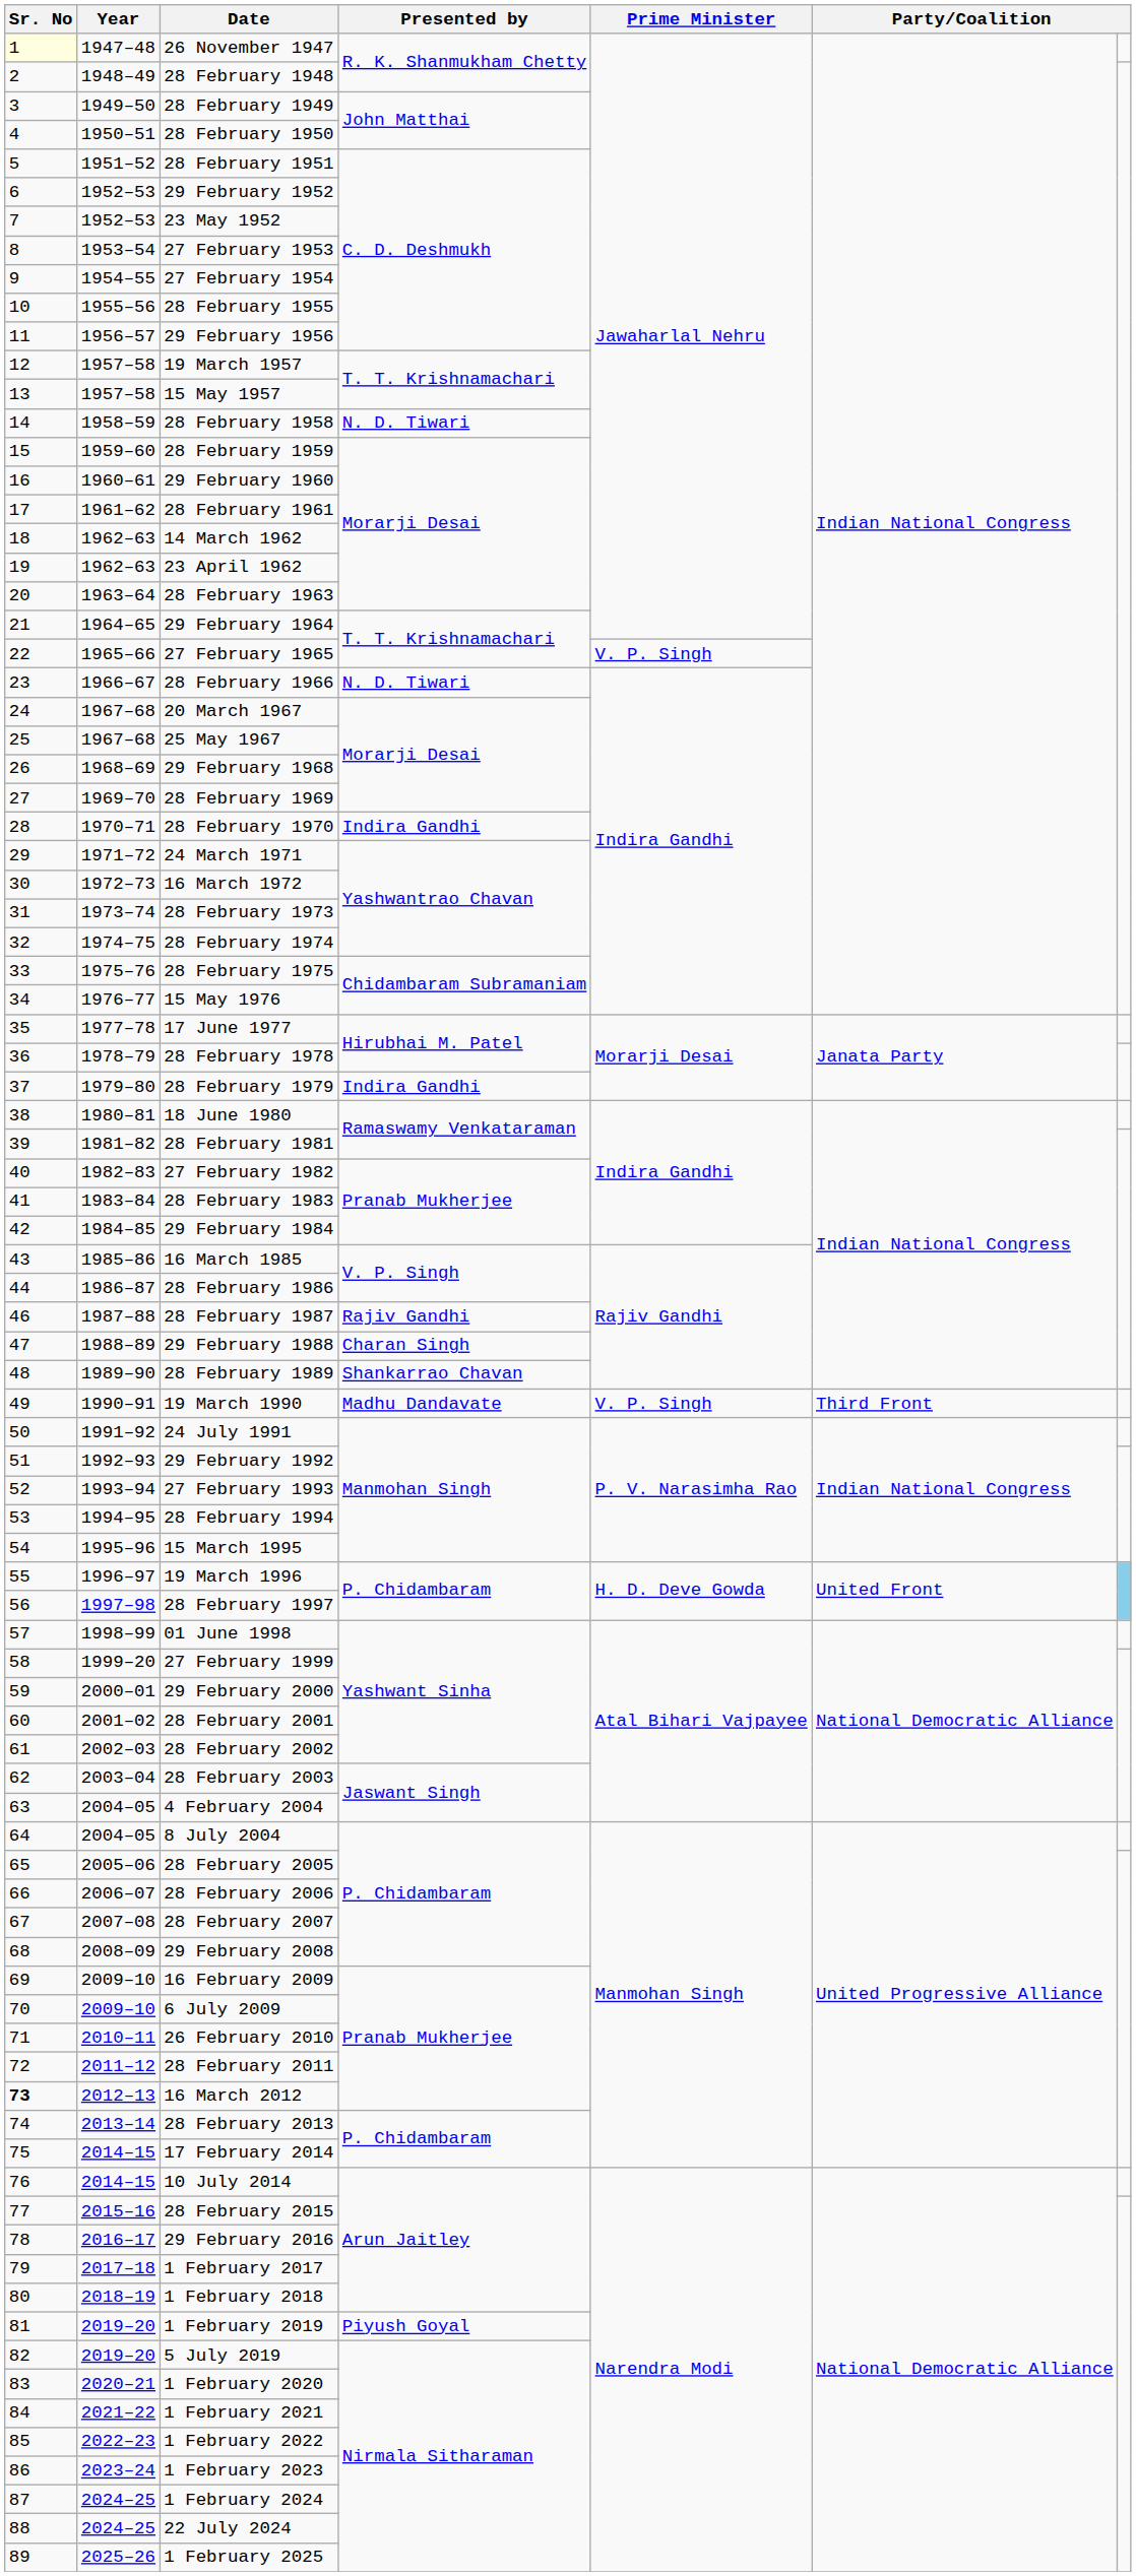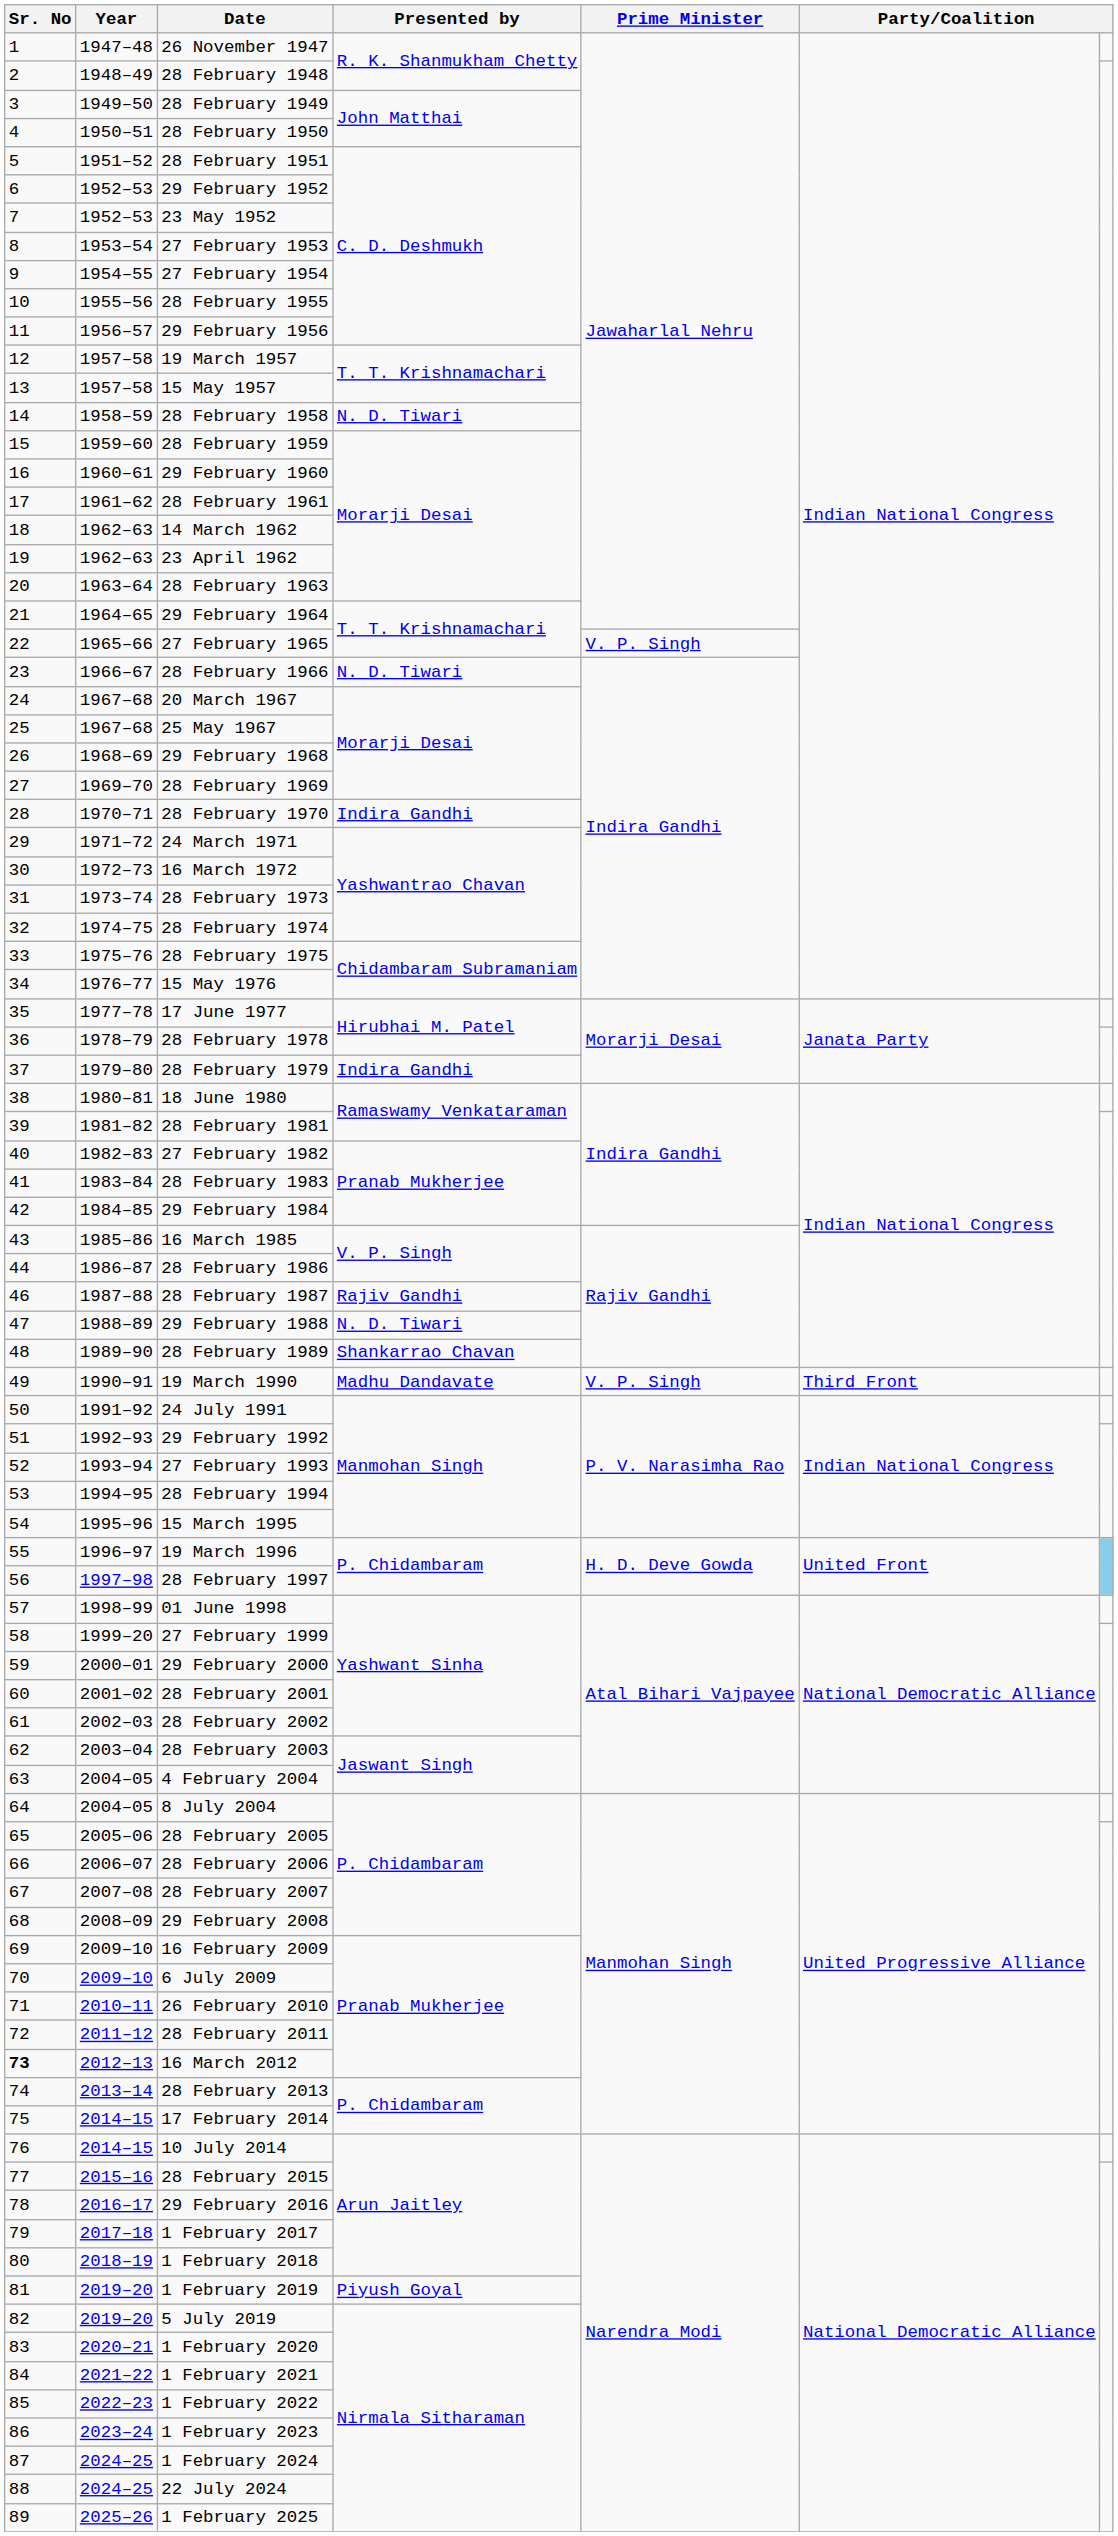 <table class="wikitable";">
 <tr>
 <th>Sr. No</th>
 <th>Year</th>
 <th>Date</th>
 <th>Presented by <br></th>
 <th><a href='#'>Prime Minister</a></th>
 <th colspan=2>Party/Coalition</th>
 </tr>
 <tr>
-<td style="background: lightyellow;">1</td>
+<td>1</td>
 <td>1947–48</td>
 <td>26 November 1947</td>
 <td rowspan=2><a href='#'>R. K. Shanmukham Chetty</a></td>
 <td rowspan=21><a href='#'>Jawaharlal Nehru</a></td>
 <td rowspan=34><a href='#'>Indian National Congress</a></td>
 <td width="4px"></td>
 </tr>
 <tr>
 <td>2</td>
 <td>1948–49</td>
 <td>28 February 1948</td>
 </tr>
 <tr>
 <td>3</td>
 <td>1949–50</td>
 <td>28 February 1949</td>
 <td rowspan=2><a href='#'>John Matthai</a></td>
 </tr>
 <tr>
 <td>4</td>
 <td>1950–51</td>
 <td>28 February 1950</td>
 </tr>
 <tr>
 <td>5</td>
 <td>1951–52</td>
 <td>28 February 1951</td>
 <td rowspan=7><a href='#'>C. D. Deshmukh</a></td>
 </tr>
 <tr>
 <td>6</td>
 <td>1952–53 </td>
 <td>29 February 1952</td>
 </tr>
 <tr>
 <td>7</td>
 <td>1952–53</td>
 <td>23 May 1952</td>
 </tr>
 <tr>
 <td>8</td>
 <td>1953–54</td>
 <td>27 February 1953</td>
 </tr>
 <tr>
 <td>9</td>
 <td>1954–55</td>
 <td>27 February 1954</td>
 </tr>
 <tr>
 <td>10</td>
 <td>1955–56</td>
 <td>28 February 1955</td>
 </tr>
 <tr>
 <td>11</td>
 <td>1956–57</td>
 <td>29 February 1956</td>
 </tr>
 <tr>
 <td>12</td>
 <td>1957–58 </td>
 <td>19 March 1957</td>
 <td rowspan=2><a href='#'>T. T. Krishnamachari</a></td>
 </tr>
 <tr>
 <td>13</td>
 <td>1957–58</td>
 <td>15 May 1957</td>
 </tr>
 <tr>
 <td>14</td>
 <td>1958–59</td>
 <td>28 February 1958</td>
 <td><a href='#'>N. D. Tiwari</a></td>
 </tr>
 <tr>
 <td>15</td>
 <td>1959–60</td>
 <td>28 February 1959</td>
 <td rowspan=6><a href='#'>Morarji Desai</a></td>
 </tr>
 <tr>
 <td>16</td>
 <td>1960–61</td>
 <td>29 February 1960</td>
 </tr>
 <tr>
 <td>17</td>
 <td>1961–62</td>
 <td>28 February 1961</td>
 </tr>
 <tr>
 <td>18</td>
 <td>1962–63 </td>
 <td>14 March 1962</td>
 </tr>
 <tr>
 <td>19</td>
 <td>1962–63</td>
 <td>23 April 1962</td>
 </tr>
 <tr>
 <td>20</td>
 <td>1963–64</td>
 <td>28 February 1963</td>
 </tr>
 <tr>
 <td>21</td>
 <td>1964–65</td>
 <td>29 February 1964</td>
 <td rowspan=2><a href='#'>T. T. Krishnamachari</a></td>
 </tr>
 <tr>
 <td>22</td>
 <td>1965–66</td>
 <td>27 February 1965</td>
 <td><a href='#'>V. P. Singh</a></td>
 </tr>
 <tr>
 <td>23</td>
 <td>1966–67</td>
 <td>28 February 1966</td>
 <td><a href='#'>N. D. Tiwari</a></td>
 <td rowspan=12><a href='#'>Indira Gandhi</a></td>
 </tr>
 <tr>
 <td>24</td>
 <td>1967–68 </td>
 <td>20 March 1967</td>
 <td rowspan=4><a href='#'>Morarji Desai</a></td>
 </tr>
 <tr>
 <td>25</td>
 <td>1967–68</td>
 <td>25 May 1967</td>
 </tr>
 <tr>
 <td>26</td>
 <td>1968–69</td>
 <td>29 February 1968</td>
 </tr>
 <tr>
 <td>27</td>
 <td>1969–70</td>
 <td>28 February 1969</td>
 </tr>
 <tr>
 <td>28</td>
 <td>1970–71</td>
 <td>28 February 1970</td>
 <td><a href='#'>Indira Gandhi</a> </td>
 </tr>
 <tr>
 <td>29</td>
 <td>1971–72</td>
 <td>24 March 1971</td>
 <td rowspan=4><a href='#'>Yashwantrao Chavan</a></td>
 </tr>
 <tr>
 <td>30</td>
 <td>1972–73</td>
 <td>16 March 1972</td>
 </tr>
 <tr>
 <td>31</td>
 <td>1973–74</td>
 <td>28 February 1973</td>
 </tr>
 <tr>
 <td>32</td>
 <td>1974–75</td>
 <td>28 February 1974</td>
 </tr>
 <tr>
 <td>33</td>
 <td>1975–76</td>
 <td>28 February 1975</td>
 <td rowspan=2><a href='#'>Chidambaram Subramaniam</a></td>
 </tr>
 <tr>
 <td>34</td>
 <td>1976–77</td>
 <td>15 May 1976</td>
 </tr>
 <tr>
 <td>35</td>
 <td>1977–78</td>
 <td>17 June 1977</td>
 <td rowspan=2><a href='#'>Hirubhai M. Patel</a></td>
 <td rowspan=3><a href='#'>Morarji Desai</a></td>
 <td rowspan=3><a href='#'>Janata Party</a></td>
 <td width="4px"></td>
 </tr>
 <tr>
 <td>36</td>
 <td>1978–79</td>
 <td>28 February 1978</td>
 </tr>
 <tr>
 <td>37</td>
 <td>1979–80</td>
 <td>28 February 1979</td>
 <td><a href='#'>Indira Gandhi</a> </td>
 </tr>
 <tr>
 <td>38</td>
 <td>1980–81</td>
 <td>18 June 1980</td>
 <td rowspan=2><a href='#'>Ramaswamy Venkataraman</a></td>
 <td rowspan=5><a href='#'>Indira Gandhi</a></td>
 <td rowspan=10><a href='#'>Indian National Congress</a></td>
 <td width="4px"></td>
 </tr>
 <tr>
 <td>39</td>
 <td>1981–82</td>
 <td>28 February 1981</td>
 </tr>
 <tr>
 <td>40</td>
 <td>1982–83</td>
 <td>27 February 1982</td>
 <td rowspan=3><a href='#'>Pranab Mukherjee</a></td>
 </tr>
 <tr>
 <td>41</td>
 <td>1983–84</td>
 <td>28 February 1983</td>
 </tr>
 <tr>
 <td>42</td>
 <td>1984–85</td>
 <td>29 February 1984</td>
 </tr>
 <tr>
 <td>43</td>
 <td>1985–86</td>
 <td>16 March 1985</td>
 <td rowspan=2><a href='#'>V. P. Singh</a></td>
 <td rowspan=5><a href='#'>Rajiv Gandhi</a></td>
 </tr>
 <tr>
 <td>44</td>
 <td>1986–87</td>
 <td>28 February 1986</td>
 </tr>
 <tr>
 <td>46</td>
 <td>1987–88</td>
 <td>28 February 1987</td>
 <td><a href='#'>Rajiv Gandhi</a> </td>
 </tr>
 <tr>
 <td>47</td>
 <td>1988–89</td>
 <td>29 February 1988</td>
-<td><a href='#'>Charan Singh</a> </td>
+<td><a href='#'>N. D. Tiwari</a></td>
 </tr>
 <tr>
 <td>48</td>
 <td>1989–90</td>
 <td>28 February 1989</td>
 <td><a href='#'>Shankarrao Chavan</a></td>
 </tr>
 <tr>
 <td>49</td>
 <td>1990–91</td>
 <td>19 March 1990</td>
 <td><a href='#'>Madhu Dandavate</a></td>
 <td><a href='#'>V. P. Singh</a></td>
 <td><a href='#'>Third Front</a></td>
 <td width="4px"></td>
 </tr>
 <tr>
 <td>50</td>
 <td>1991–92</td>
 <td>24 July 1991</td>
 <td rowspan=5><a href='#'>Manmohan Singh</a></td>
 <td rowspan=5><a href='#'>P. V. Narasimha Rao</a></td>
 <td rowspan=5><a href='#'>Indian National Congress</a></td>
 <td width="4px"></td>
 </tr>
 <tr>
 <td>51</td>
 <td>1992–93</td>
 <td>29 February 1992</td>
 </tr>
 <tr>
 <td>52</td>
 <td>1993–94</td>
 <td>27 February 1993</td>
 </tr>
 <tr>
 <td>53</td>
 <td>1994–95</td>
 <td>28 February 1994</td>
 </tr>
 <tr>
 <td>54</td>
 <td>1995–96</td>
 <td>15 March 1995</td>
 </tr>
 <tr>
 <td>55</td>
 <td>1996–97</td>
 <td>19 March 1996</td>
 <td rowspan=2><a href='#'>P. Chidambaram</a></td>
 <td rowspan=2><a href='#'>H. D. Deve Gowda</a></td>
 <td rowspan=2><a href='#'>United Front</a></td>
 <td width="4px" bgcolor="#87CEEB"rowspan=2></td>
 </tr>
 <tr>
 <td>56</td>
 <td><a href='#'>1997–98</a></td>
 <td>28 February 1997</td>
 </tr>
 <tr>
 <td>57</td>
 <td>1998–99</td>
 <td>01 June 1998</td>
 <td rowspan=5><a href='#'>Yashwant Sinha</a></td>
 <td rowspan="7"><a href='#'>Atal Bihari Vajpayee</a></td>
 <td rowspan="7"><a href='#'>National Democratic Alliance</a></td>
 <td width="4px"></td>
 </tr>
 <tr>
 <td>58</td>
 <td>1999–20</td>
 <td>27 February 1999</td>
 </tr>
 <tr>
 <td>59</td>
 <td>2000–01</td>
 <td>29 February 2000</td>
 </tr>
 <tr>
 <td>60</td>
 <td>2001–02</td>
 <td>28 February 2001</td>
 </tr>
 <tr>
 <td>61</td>
 <td>2002–03</td>
 <td>28 February 2002</td>
 </tr>
 <tr>
 <td>62</td>
 <td>2003–04</td>
 <td>28 February 2003</td>
 <td rowspan="2"><a href='#'>Jaswant Singh</a></td>
 </tr>
 <tr>
 <td>63</td>
 <td>2004–05 </td>
 <td>4 February 2004</td>
 </tr>
 <tr>
 <td>64</td>
 <td>2004–05</td>
 <td>8 July 2004</td>
 <td rowspan="5"><a href='#'>P. Chidambaram</a></td>
 <td rowspan="12"><a href='#'>Manmohan Singh</a></td>
 <td rowspan="12"><a href='#'>United Progressive Alliance</a></td>
 <td width="4px"></td>
 </tr>
 <tr>
 <td>65</td>
 <td>2005–06</td>
 <td>28 February 2005</td>
 </tr>
 <tr>
 <td>66</td>
 <td>2006–07</td>
 <td>28 February 2006</td>
 </tr>
 <tr>
 <td>67</td>
 <td>2007–08</td>
 <td>28 February 2007</td>
 </tr>
 <tr>
 <td>68</td>
 <td>2008–09</td>
 <td>29 February 2008</td>
 </tr>
 <tr>
 <td>69</td>
 <td>2009–10 </td>
 <td>16 February 2009</td>
 <td rowspan="5"><a href='#'>Pranab Mukherjee</a></td>
 </tr>
 <tr>
 <td>70</td>
 <td><a href='#'>2009–10</a></td>
 <td>6 July 2009</td>
 </tr>
 <tr>
 <td>71</td>
 <td><a href='#'>2010–11</a></td>
 <td>26 February 2010</td>
 </tr>
 <tr>
 <td>72</td>
 <td><a href='#'>2011–12</a></td>
 <td>28 February 2011</td>
 </tr>
 <tr>
 <td><strong>73</strong></td>
 <td><a href='#'>2012–13</a></td>
 <td>16 March 2012</td>
 </tr>
 <tr>
 <td>74</td>
 <td><a href='#'>2013–14</a></td>
 <td>28 February 2013</td>
 <td rowspan="2"><a href='#'>P. Chidambaram</a></td>
 </tr>
 <tr>
 <td>75</td>
 <td><a href='#'>2014–15</a> </td>
 <td>17 February 2014</td>
 </tr>
 <tr>
 <td>76</td>
 <td><a href='#'>2014–15</a></td>
 <td>10 July 2014</td>
 <td rowspan="5"><a href='#'>Arun Jaitley</a></td>
 <td rowspan="14"><a href='#'>Narendra Modi</a></td>
 <td rowspan="14"><a href='#'>National Democratic Alliance</a></td>
 <td width="4px"></td>
 </tr>
 <tr>
 <td>77</td>
 <td><a href='#'>2015–16</a></td>
 <td>28 February 2015</td>
 </tr>
 <tr>
 <td>78</td>
 <td><a href='#'>2016–17</a></td>
 <td>29 February 2016</td>
 </tr>
 <tr>
 <td>79</td>
 <td><a href='#'>2017–18</a></td>
 <td>1 February 2017</td>
 </tr>
 <tr>
 <td>80</td>
 <td><a href='#'>2018–19</a></td>
 <td>1 February 2018</td>
 </tr>
 <tr>
 <td>81</td>
 <td><a href='#'>2019–20</a> </td>
 <td>1 February 2019</td>
 <td><a href='#'>Piyush Goyal</a></td>
 </tr>
 <tr>
 <td>82</td>
 <td><a href='#'>2019–20</a></td>
 <td>5 July 2019</td>
 <td rowspan="8"><a href='#'>Nirmala Sitharaman</a></td>
 </tr>
 <tr>
 <td>83</td>
 <td><a href='#'>2020–21</a></td>
 <td>1 February 2020</td>
 </tr>
 <tr>
 <td>84</td>
 <td><a href='#'>2021–22</a></td>
 <td>1 February 2021</td>
 </tr>
 <tr>
 <td>85</td>
 <td><a href='#'>2022–23</a></td>
 <td>1 February 2022</td>
 </tr>
 <tr>
 <td>86</td>
 <td><a href='#'>2023–24</a></td>
 <td>1 February 2023</td>
 </tr>
 <tr>
 <td>87</td>
 <td><a href='#'>2024–25</a> </td>
 <td>1 February 2024</td>
 </tr>
 <tr>
 <td>88</td>
 <td><a href='#'>2024–25</a></td>
 <td>22 July 2024</td>
 </tr>
 <tr>
 <td>89</td>
 <td><a href='#'>2025–26</a></td>
 <td>1 February 2025</td>
 </tr>
 </table>
